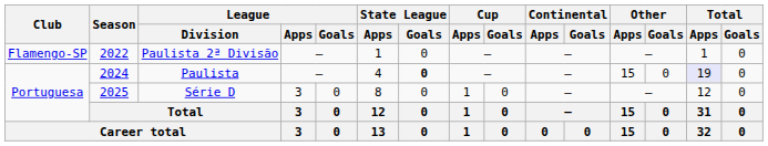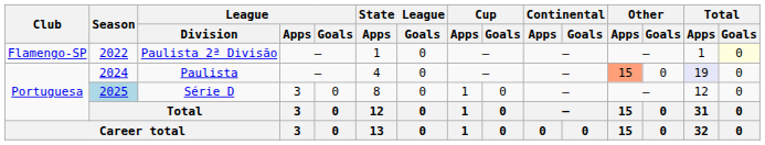 <table class="wikitable" style="text-align: center;">
 <tr>
 <th rowspan="2">Club</th>
 <th rowspan="2">Season</th>
 <th colspan="3">League</th>
 <th colspan="2">State League</th>
 <th colspan="2">Cup</th>
 <th colspan="2">Continental</th>
 <th colspan="2">Other</th>
 <th colspan="2">Total</th>
 </tr>
 <tr>
 <th>Division</th>
 <th>Apps</th>
 <th>Goals</th>
 <th>Apps</th>
 <th>Goals</th>
 <th>Apps</th>
 <th>Goals</th>
 <th>Apps</th>
 <th>Goals</th>
 <th>Apps</th>
 <th>Goals</th>
 <th>Apps</th>
 <th>Goals</th>
 </tr>
 <tr>
 <td valign="center"><a href='#'>Flamengo-SP</a></td>
 <td><a href='#'>2022</a></td>
 <td><a href='#'>Paulista 2ª Divisão</a></td>
 <td colspan="2">—</td>
 <td>1</td>
 <td>0</td>
 <td colspan="2">—</td>
 <td colspan="2">—</td>
 <td colspan="2">—</td>
 <td>1</td>
-<td>0</td>
+<td style="background: lightyellow;">0</td>
 </tr>
 <tr>
 <td rowspan="3" valign="center"><a href='#'>Portuguesa</a></td>
 <td><a href='#'>2024</a></td>
 <td><a href='#'>Paulista</a></td>
 <td colspan="2">—</td>
 <td>4</td>
-<td><strong>0</strong></td>
+<td>0</td>
 <td colspan="2">—</td>
 <td colspan="2">—</td>
-<td>15</td>
+<td style="background: lightsalmon;">15</td>
 <td>0</td>
 <td style="background: lavender;">19</td>
 <td>0</td>
 </tr>
 <tr>
-<td><a href='#'>2025</a></td>
+<td style="background: lightblue;"><a href='#'>2025</a></td>
 <td><a href='#'>Série D</a></td>
 <td>3</td>
 <td>0</td>
 <td>8</td>
 <td>0</td>
 <td>1</td>
 <td>0</td>
 <td colspan="2">—</td>
 <td colspan="2">—</td>
 <td>12</td>
 <td>0</td>
 </tr>
 <tr>
 <th colspan="2">Total</th>
 <th>3</th>
 <th>0</th>
 <th>12</th>
 <th>0</th>
 <th>1</th>
 <th>0</th>
 <th colspan="2">—</th>
 <th>15</th>
 <th>0</th>
 <th>31</th>
 <th>0</th>
 </tr>
 <tr>
 <th colspan="3"><strong>Career total</strong></th>
 <th>3</th>
 <th>0</th>
 <th>13</th>
 <th>0</th>
 <th>1</th>
 <th>0</th>
 <th>0</th>
 <th>0</th>
 <th>15</th>
 <th>0</th>
 <th>32</th>
 <th>0</th>
 </tr>
 </table>
